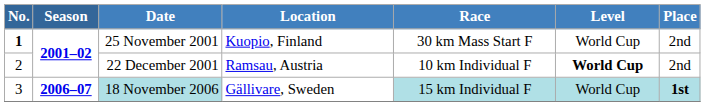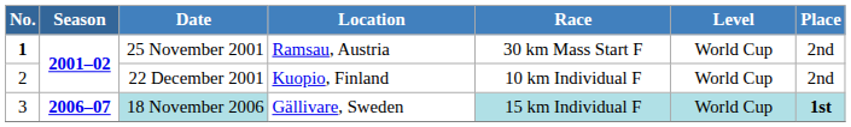 <table class="wikitable sortable" style="font-size:95%; text-align:center; border:grey solid 1px; border-collapse:collapse; background:#ffffff;">
 <tr style="background:#efefef;">
 <th style="background-color:#369; color:white;">No.</th>
 <th style="background-color:#369; color:white;">Season</th>
 <th style="background-color:#4180be; color:white; width:120px;">Date</th>
 <th style="background-color:#4180be; color:white; width:170px;">Location</th>
 <th style="background-color:#4180be; color:white; width:160px;">Race</th>
 <th style="background-color:#4180be; color:white; width:100px;">Level</th>
 <th style="background-color:#4180be; color:white;">Place</th>
 </tr>
 <tr>
 <td align=center><strong>1</strong></td>
 <td rowspan=2 align=center><strong> <a href='#'>2001–02</a> </strong></td>
 <td align=right>25 November 2001</td>
-<td align=left> <a href='#'>Kuopio</a>, Finland</td>
+<td align=left> <a href='#'>Ramsau</a>, Austria</td>
 <td>30 km Mass Start F</td>
 <td>World Cup</td>
 <td>2nd</td>
 </tr>
 <tr>
 <td align=center>2</td>
 <td align=right>22 December 2001</td>
-<td align=left> <a href='#'>Ramsau</a>, Austria</td>
+<td align=left> <a href='#'>Kuopio</a>, Finland</td>
 <td>10 km Individual F</td>
-<td><strong>World Cup</strong></td>
+<td>World Cup</td>
 <td>2nd</td>
 </tr>
 <tr>
 <td align=center>3</td>
 <td rowspan=1 align=center><strong><a href='#'>2006–07</a></strong></td>
 <td bgcolor="#BOEOE6" align=right>18 November 2006</td>
 <td align=left> <a href='#'>Gällivare</a>, Sweden</td>
 <td bgcolor="#BOEOE6">15 km Individual F</td>
 <td bgcolor="#BOEOE6">World Cup</td>
 <td bgcolor="#BOEOE6"><strong>1st</strong></td>
 </tr>
 <tr>
 </tr>
 </table>
